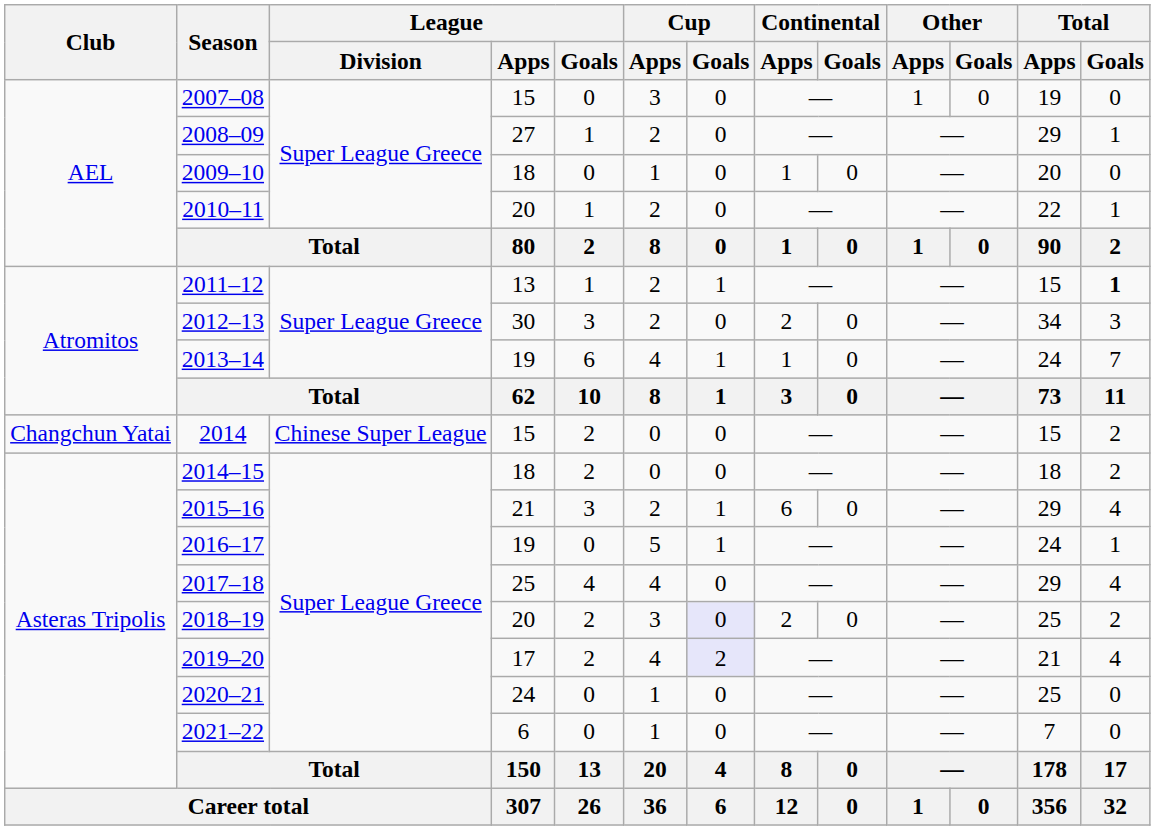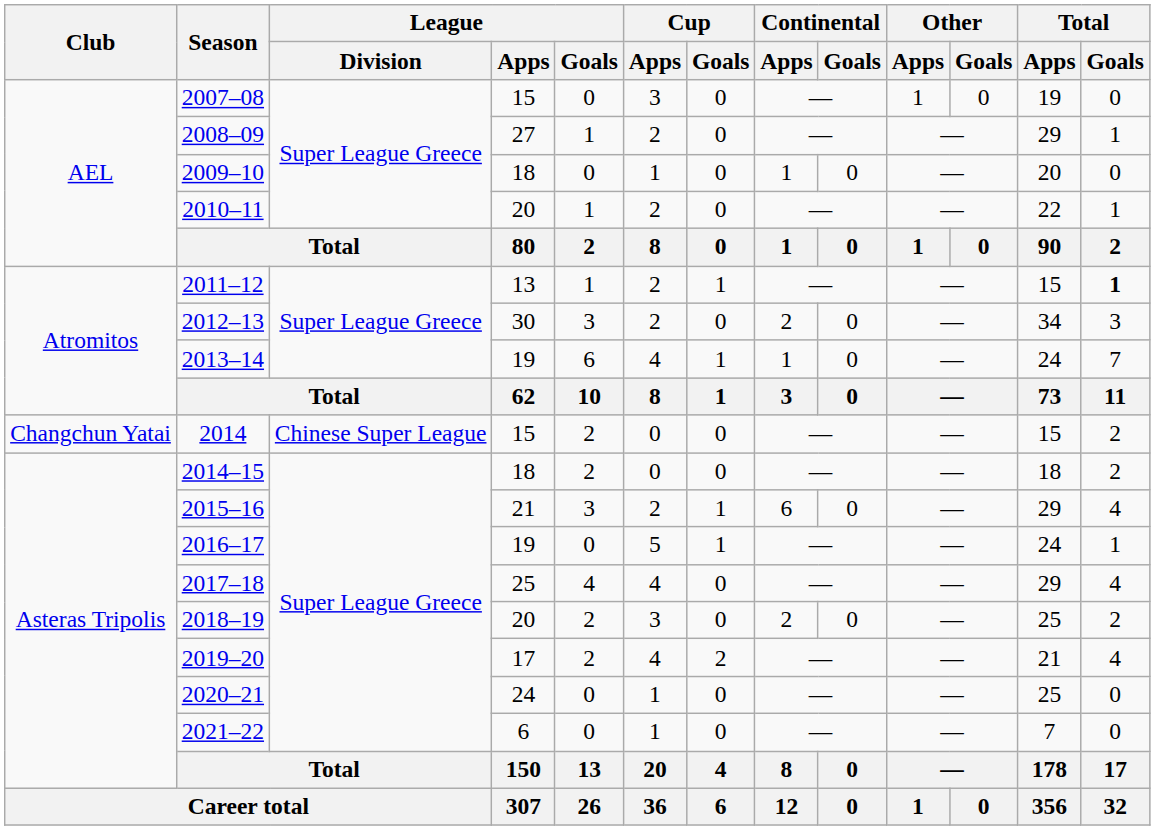 <table class="wikitable" style="text-align:center">
 <tr>
 <th rowspan=2>Club</th>
 <th rowspan=2>Season</th>
 <th colspan=3>League</th>
 <th colspan=2>Cup</th>
 <th colspan=2>Continental</th>
 <th colspan=2>Other</th>
 <th colspan=2>Total</th>
 </tr>
 <tr>
 <th>Division</th>
 <th>Apps</th>
 <th>Goals</th>
 <th>Apps</th>
 <th>Goals</th>
 <th>Apps</th>
 <th>Goals</th>
 <th>Apps</th>
 <th>Goals</th>
 <th>Apps</th>
 <th>Goals</th>
 </tr>
 <tr>
 <td rowspan="5"><a href='#'>AEL</a></td>
 <td><a href='#'>2007–08</a></td>
 <td rowspan="4"><a href='#'>Super League Greece</a></td>
 <td>15</td>
 <td>0</td>
 <td>3</td>
 <td>0</td>
 <td colspan="2">—</td>
 <td>1</td>
 <td>0</td>
 <td>19</td>
 <td>0</td>
 </tr>
 <tr>
 <td><a href='#'>2008–09</a></td>
 <td>27</td>
 <td>1</td>
 <td>2</td>
 <td>0</td>
 <td colspan="2">—</td>
 <td colspan="2">—</td>
 <td>29</td>
 <td>1</td>
 </tr>
 <tr>
 <td><a href='#'>2009–10</a></td>
 <td>18</td>
 <td>0</td>
 <td>1</td>
 <td>0</td>
 <td>1</td>
 <td>0</td>
 <td colspan="2">—</td>
 <td>20</td>
 <td>0</td>
 </tr>
 <tr>
 <td><a href='#'>2010–11</a></td>
 <td>20</td>
 <td>1</td>
 <td>2</td>
 <td>0</td>
 <td colspan="2">—</td>
 <td colspan="2">—</td>
 <td>22</td>
 <td>1</td>
 </tr>
 <tr>
 <th colspan="2">Total</th>
 <th>80</th>
 <th>2</th>
 <th>8</th>
 <th>0</th>
 <th>1</th>
 <th>0</th>
 <th>1</th>
 <th>0</th>
 <th>90</th>
 <th>2</th>
 </tr>
 <tr>
 <td rowspan="4"><a href='#'>Atromitos</a></td>
 <td><a href='#'>2011–12</a></td>
 <td rowspan="3"><a href='#'>Super League Greece</a></td>
 <td>13</td>
 <td>1</td>
 <td>2</td>
 <td>1</td>
 <td colspan="2">—</td>
 <td colspan="2">—</td>
 <td>15</td>
 <td><strong>1</strong></td>
 </tr>
 <tr>
 <td><a href='#'>2012–13</a></td>
 <td>30</td>
 <td>3</td>
 <td>2</td>
 <td>0</td>
 <td>2</td>
 <td>0</td>
 <td colspan="2">—</td>
 <td>34</td>
 <td>3</td>
 </tr>
 <tr>
 <td><a href='#'>2013–14</a></td>
 <td>19</td>
 <td>6</td>
 <td>4</td>
 <td>1</td>
 <td>1</td>
 <td>0</td>
 <td colspan="2">—</td>
 <td>24</td>
 <td>7</td>
 </tr>
 <tr>
 <th colspan="2">Total</th>
 <th>62</th>
 <th>10</th>
 <th>8</th>
 <th>1</th>
 <th>3</th>
 <th>0</th>
 <th colspan="2">—</th>
 <th>73</th>
 <th>11</th>
 </tr>
 <tr>
 <td><a href='#'>Changchun Yatai</a></td>
 <td><a href='#'>2014</a></td>
 <td><a href='#'>Chinese Super League</a></td>
 <td>15</td>
 <td>2</td>
 <td>0</td>
 <td>0</td>
 <td colspan="2">—</td>
 <td colspan="2">—</td>
 <td>15</td>
 <td>2</td>
 </tr>
 <tr>
 <td rowspan="9"><a href='#'>Asteras Tripolis</a></td>
 <td><a href='#'>2014–15</a></td>
 <td rowspan="8"><a href='#'>Super League Greece</a></td>
 <td>18</td>
 <td>2</td>
 <td>0</td>
 <td>0</td>
 <td colspan="2">—</td>
 <td colspan="2">—</td>
 <td>18</td>
 <td>2</td>
 </tr>
 <tr>
 <td><a href='#'>2015–16</a></td>
 <td>21</td>
 <td>3</td>
 <td>2</td>
 <td>1</td>
 <td>6</td>
 <td>0</td>
 <td colspan="2">—</td>
 <td>29</td>
 <td>4</td>
 </tr>
 <tr>
 <td><a href='#'>2016–17</a></td>
 <td>19</td>
 <td>0</td>
 <td>5</td>
 <td>1</td>
 <td colspan="2">—</td>
 <td colspan="2">—</td>
 <td>24</td>
 <td>1</td>
 </tr>
 <tr>
 <td><a href='#'>2017–18</a></td>
 <td>25</td>
 <td>4</td>
 <td>4</td>
 <td>0</td>
 <td colspan="2">—</td>
 <td colspan="2">—</td>
 <td>29</td>
 <td>4</td>
 </tr>
 <tr>
 <td><a href='#'>2018–19</a></td>
 <td>20</td>
 <td>2</td>
 <td>3</td>
-<td style="background: lavender;">0</td>
+<td>0</td>
 <td>2</td>
 <td>0</td>
 <td colspan="2">—</td>
 <td>25</td>
 <td>2</td>
 </tr>
 <tr>
 <td><a href='#'>2019–20</a></td>
 <td>17</td>
 <td>2</td>
 <td>4</td>
-<td style="background: lavender;">2</td>
+<td>2</td>
 <td colspan="2">—</td>
 <td colspan="2">—</td>
 <td>21</td>
 <td>4</td>
 </tr>
 <tr>
 <td><a href='#'>2020–21</a></td>
 <td>24</td>
 <td>0</td>
 <td>1</td>
 <td>0</td>
 <td colspan="2">—</td>
 <td colspan="2">—</td>
 <td>25</td>
 <td>0</td>
 </tr>
 <tr>
 <td><a href='#'>2021–22</a></td>
 <td>6</td>
 <td>0</td>
 <td>1</td>
 <td>0</td>
 <td colspan="2">—</td>
 <td colspan="2">—</td>
 <td>7</td>
 <td>0</td>
 </tr>
 <tr>
 <th colspan="2">Total</th>
 <th>150</th>
 <th>13</th>
 <th>20</th>
 <th>4</th>
 <th>8</th>
 <th>0</th>
 <th colspan="2">—</th>
 <th>178</th>
 <th>17</th>
 </tr>
 <tr>
 <th colspan="3">Career total</th>
 <th>307</th>
 <th>26</th>
 <th>36</th>
 <th>6</th>
 <th>12</th>
 <th>0</th>
 <th>1</th>
 <th>0</th>
 <th>356</th>
 <th>32</th>
 </tr>
 </table>
